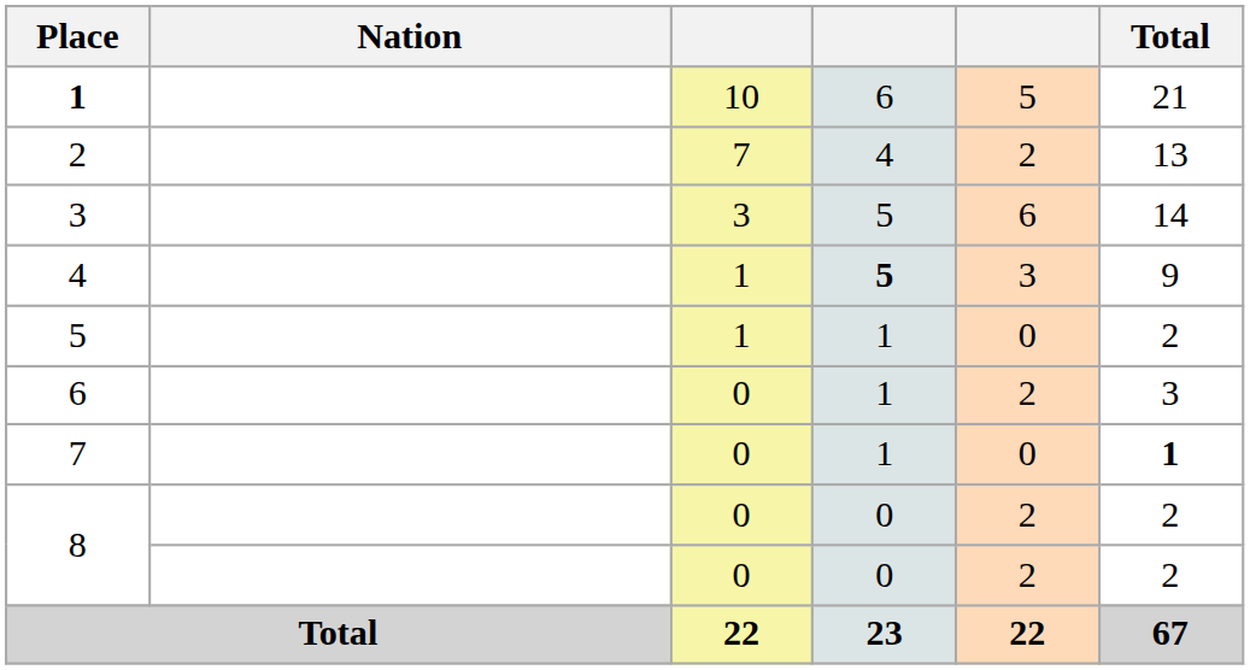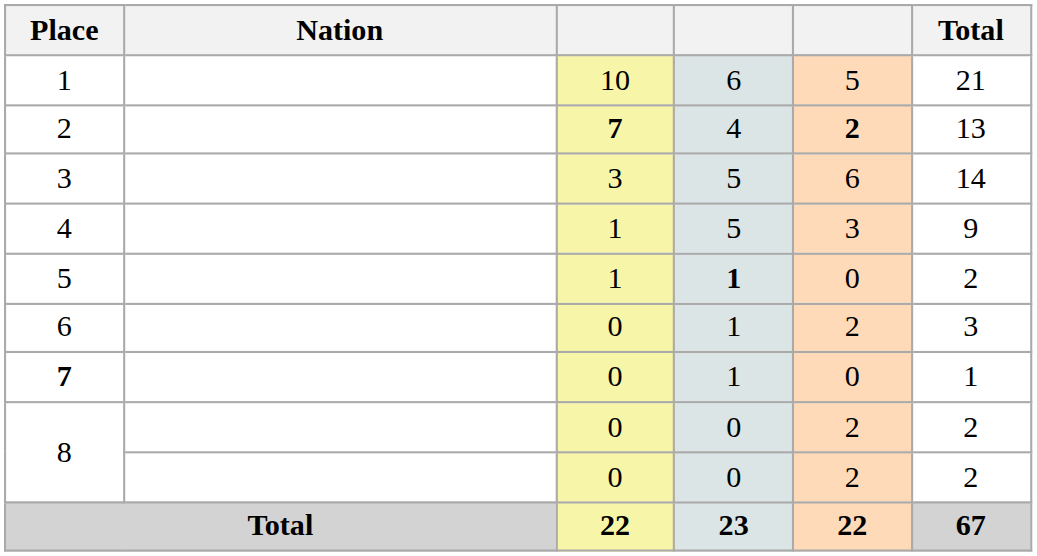 <table class=wikitable style="border:1px solid #AAAAAA;font-size:90%">
 <tr bgcolor="#EFEFEF">
 <th width=50>Place</th>
 <th width=200>Nation</th>
 <th width=50></th>
 <th width=50></th>
 <th width=50></th>
 <th width=50>Total</th>
 </tr>
 <tr align="center" valign="top" bgcolor="#FFFFFF">
-<td><strong>1</strong></td>
+<td>1</td>
 <td align="left"></td>
 <td style="background:#F7F6A8;">10</td>
 <td style="background:#DCE5E5;">6</td>
 <td style="background:#FFDAB9;">5</td>
 <td>21</td>
 </tr>
 <tr align="center" valign="top" bgcolor="#FFFFFF">
 <td>2</td>
 <td align="left"></td>
-<td style="background:#F7F6A8;">7</td>
+<td style="background:#F7F6A8;"><strong>7</strong></td>
 <td style="background:#DCE5E5;">4</td>
-<td style="background:#FFDAB9;">2</td>
+<td style="background:#FFDAB9;"><strong>2</strong></td>
 <td>13</td>
 </tr>
 <tr align="center" valign="top" bgcolor="#FFFFFF">
 <td>3</td>
 <td align="left"></td>
 <td style="background:#F7F6A8;">3</td>
 <td style="background:#DCE5E5;">5</td>
 <td style="background:#FFDAB9;">6</td>
 <td>14</td>
 </tr>
 <tr align="center" valign="top" bgcolor="#FFFFFF">
 <td>4</td>
 <td align="left"></td>
 <td style="background:#F7F6A8;">1</td>
-<td style="background:#DCE5E5;"><strong>5</strong></td>
+<td style="background:#DCE5E5;">5</td>
 <td style="background:#FFDAB9;">3</td>
 <td>9</td>
 </tr>
 <tr align="center" valign="top" bgcolor="#FFFFFF">
 <td>5</td>
 <td align="left"></td>
 <td style="background:#F7F6A8;">1</td>
-<td style="background:#DCE5E5;">1</td>
+<td style="background:#DCE5E5;"><strong>1</strong></td>
 <td style="background:#FFDAB9;">0</td>
 <td>2</td>
 </tr>
 <tr align="center" valign="top" bgcolor="#FFFFFF">
 <td>6</td>
 <td align="left"></td>
 <td style="background:#F7F6A8;">0</td>
 <td style="background:#DCE5E5;">1</td>
 <td style="background:#FFDAB9;">2</td>
 <td>3</td>
 </tr>
 <tr align="center" valign="top" bgcolor="#FFFFFF">
-<td>7</td>
+<td><strong>7</strong></td>
 <td align="left"></td>
 <td style="background:#F7F6A8;">0</td>
 <td style="background:#DCE5E5;">1</td>
 <td style="background:#FFDAB9;">0</td>
-<td><strong>1</strong></td>
+<td>1</td>
 </tr>
 <tr align="center" valign="top" bgcolor="#FFFFFF">
 <td rowspan=2 valign="middle">8</td>
 <td align="left"></td>
 <td style="background:#F7F6A8;">0</td>
 <td style="background:#DCE5E5;">0</td>
 <td style="background:#FFDAB9;">2</td>
 <td>2</td>
 </tr>
 <tr align="center" valign="top" bgcolor="#FFFFFF">
 <td align="left"></td>
 <td style="background:#F7F6A8;">0</td>
 <td style="background:#DCE5E5;">0</td>
 <td style="background:#FFDAB9;">2</td>
 <td>2</td>
 </tr>
 <tr align="center">
 <td colspan="2" bgcolor=D3D3D3><strong>Total</strong></td>
 <td style="background:#F7F6A8;"><strong>22</strong></td>
 <td style="background:#DCE5E5;"><strong>23</strong></td>
 <td style="background:#FFDAB9;"><strong>22</strong></td>
 <td bgcolor=D3D3D3><strong>67</strong></td>
 </tr>
 </table>
